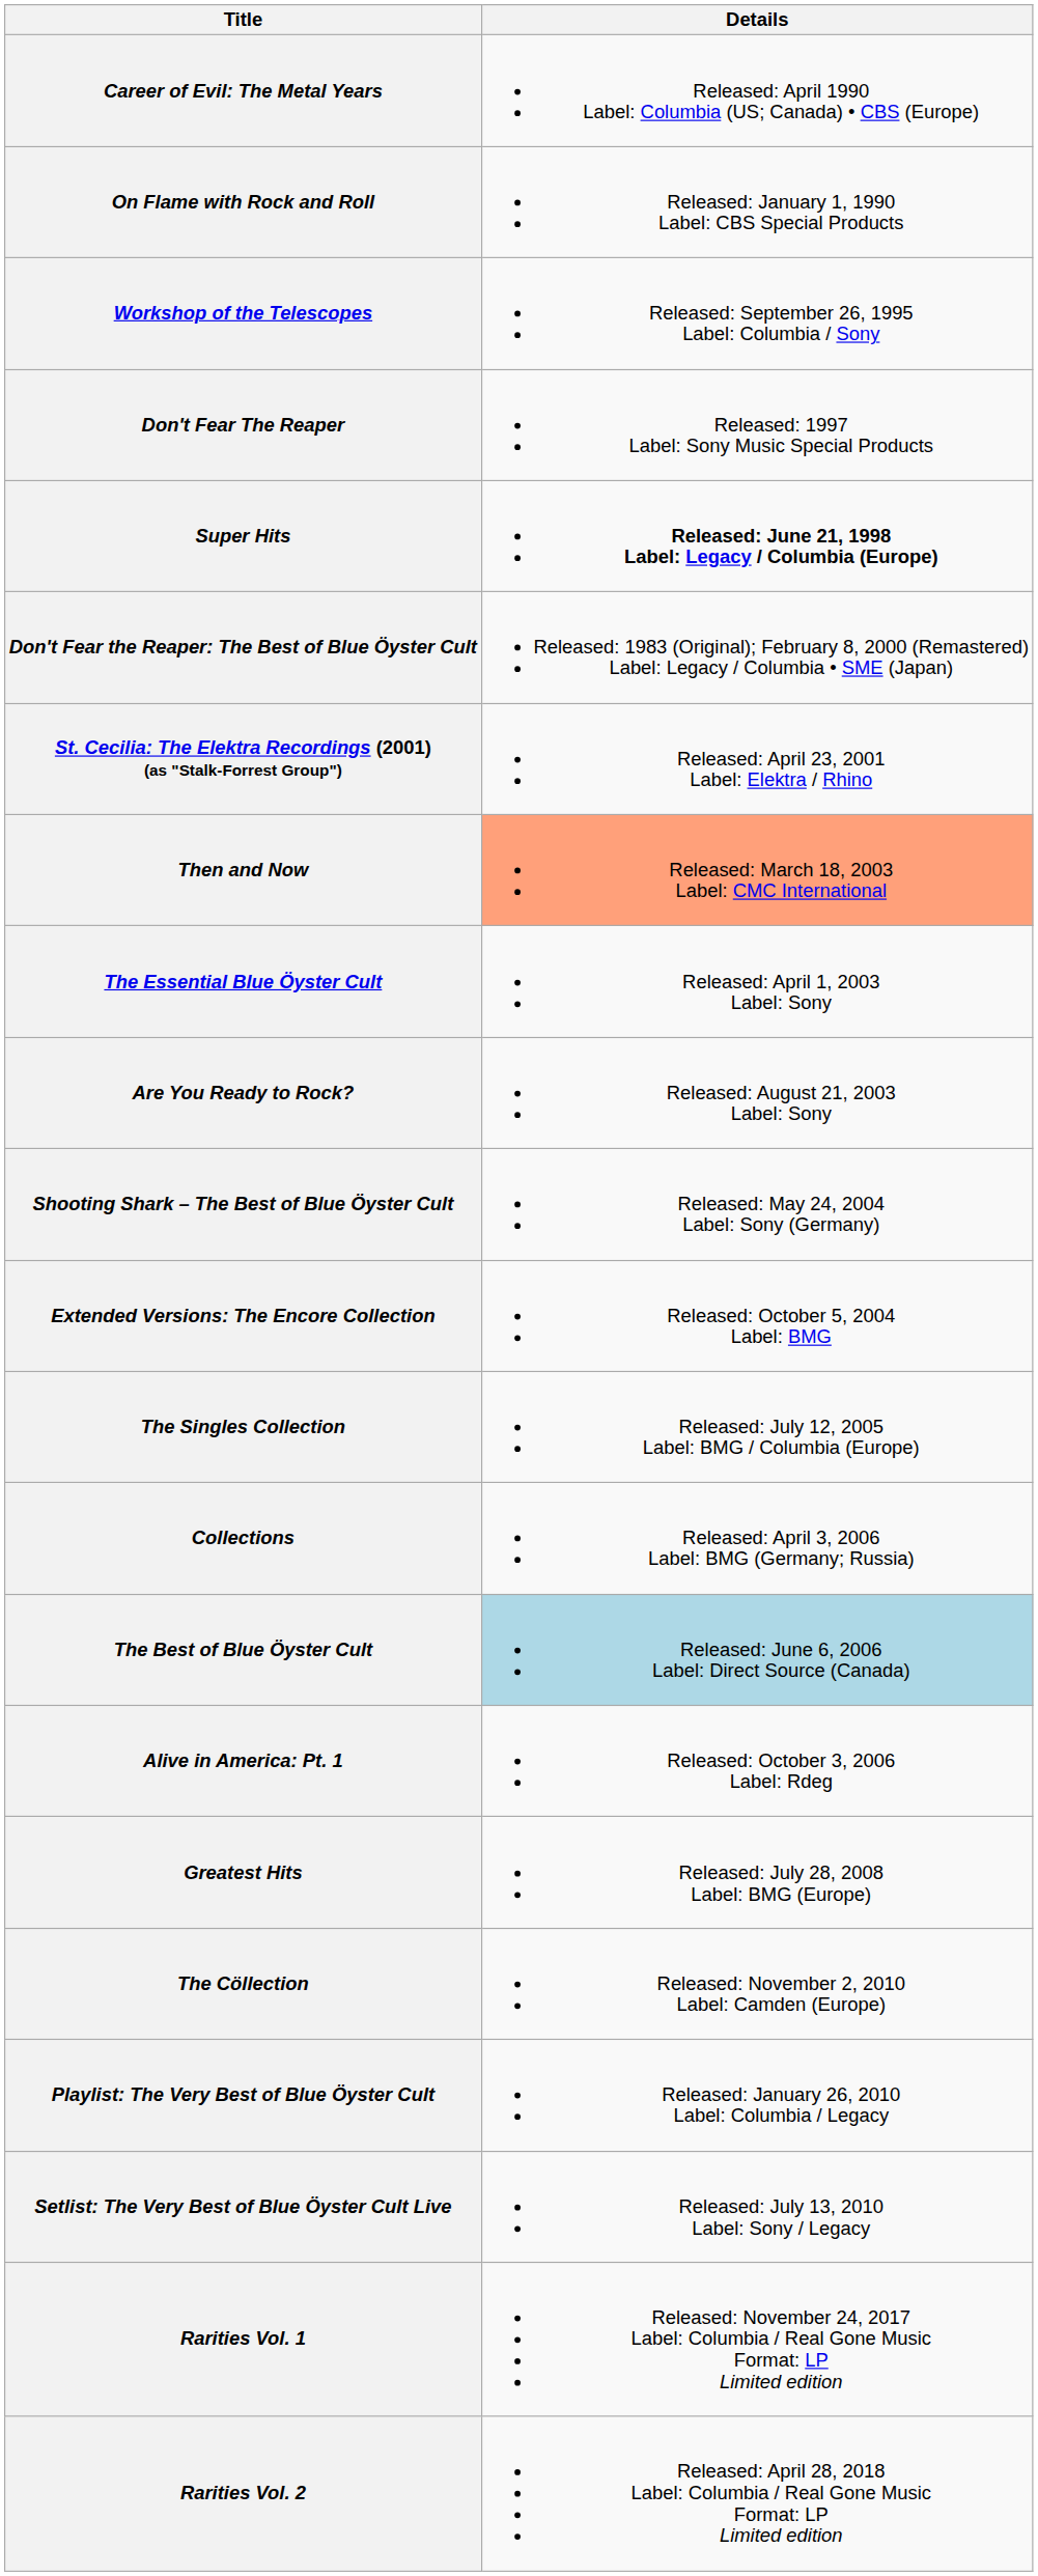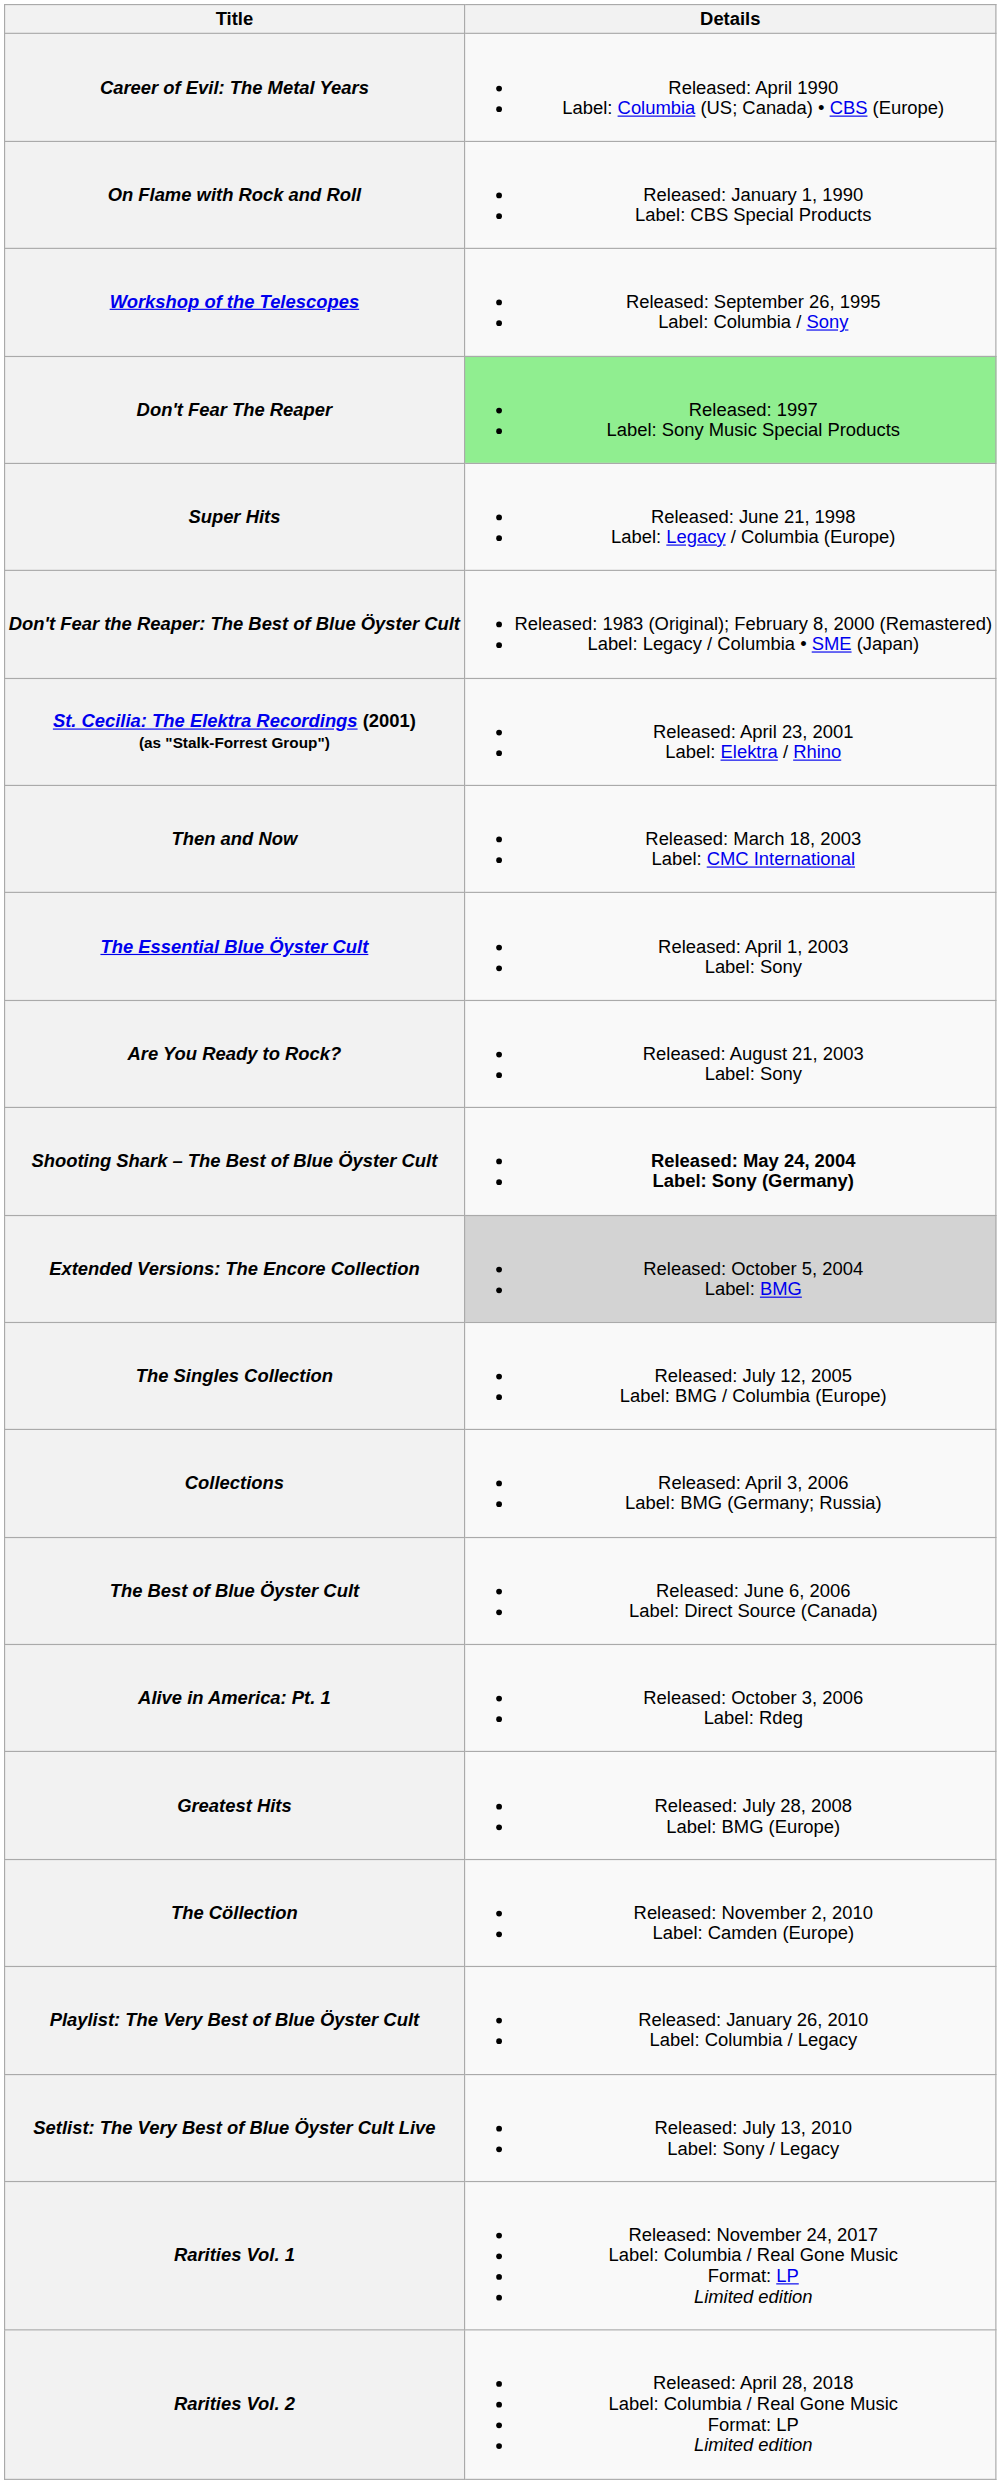 <table class="wikitable plainrowheaders" style="text-align:center;">
 <tr>
 <th scope="col">Title</th>
 <th scope="col">Details</th>
 </tr>
 <tr>
 <th scope="row"><em>Career of Evil: The Metal Years</em></th>
 <td><br><ul><li>Released: April 1990</li><li>Label: <a href='#'>Columbia</a> <span>(US; Canada)</span> • <a href='#'>CBS</a> <span>(Europe)</span></li></ul></td>
 </tr>
 <tr>
 <th scope="row"><em>On Flame with Rock and Roll</em></th>
 <td><br><ul><li>Released: January 1, 1990</li><li>Label: CBS Special Products</li></ul></td>
 </tr>
 <tr>
 <th scope="row"><em><a href='#'>Workshop of the Telescopes</a></em></th>
 <td><br><ul><li>Released: September 26, 1995</li><li>Label: Columbia / <a href='#'>Sony</a></li></ul></td>
 </tr>
 <tr>
 <th scope="row"><em>Don't Fear The Reaper</em></th>
-<td><br><ul><li>Released: 1997</li><li>Label: Sony Music Special Products</li></ul></td>
+<td style="background: lightgreen;"><br><ul><li>Released: 1997</li><li>Label: Sony Music Special Products</li></ul></td>
 </tr>
 <tr>
 <th scope="row"><em>Super Hits</em></th>
-<td><strong><br><ul><li>Released: June 21, 1998</li><li>Label: <a href='#'>Legacy</a> / Columbia <span>(Europe)</span></li></ul></strong></td>
+<td><br><ul><li>Released: June 21, 1998</li><li>Label: <a href='#'>Legacy</a> / Columbia <span>(Europe)</span></li></ul></td>
 </tr>
 <tr>
 <th scope="row"><em>Don't Fear the Reaper: The Best of Blue Öyster Cult</em></th>
 <td><br><ul><li>Released: 1983 (Original); February 8, 2000 (Remastered)</li><li>Label: Legacy / Columbia • <a href='#'>SME</a> <span>(Japan)</span></li></ul></td>
 </tr>
 <tr>
 <th scope="row"><em><a href='#'>St. Cecilia: The Elektra Recordings</a></em> (2001)<br><small> (as "Stalk-Forrest Group")</small></th>
 <td><br><ul><li>Released: April 23, 2001</li><li>Label: <a href='#'>Elektra</a> / <a href='#'>Rhino</a></li></ul></td>
 </tr>
 <tr>
 <th scope="row"><em>Then and Now</em></th>
-<td style="background: lightsalmon;"><br><ul><li>Released: March 18, 2003</li><li>Label: <a href='#'>CMC International</a></li></ul></td>
+<td><br><ul><li>Released: March 18, 2003</li><li>Label: <a href='#'>CMC International</a></li></ul></td>
 </tr>
 <tr>
 <th scope="row"><em><a href='#'>The Essential Blue Öyster Cult</a></em></th>
 <td><br><ul><li>Released: April 1, 2003</li><li>Label: Sony</li></ul></td>
 </tr>
 <tr>
 <th scope="row"><em>Are You Ready to Rock?</em></th>
 <td><br><ul><li>Released: August 21, 2003</li><li>Label: Sony</li></ul></td>
 </tr>
 <tr>
 <th scope="row"><em>Shooting Shark – The Best of Blue Öyster Cult</em></th>
-<td><br><ul><li>Released: May 24, 2004</li><li>Label: Sony <span>(Germany)</span></li></ul></td>
+<td><strong><br><ul><li>Released: May 24, 2004</li><li>Label: Sony <span>(Germany)</span></li></ul></strong></td>
 </tr>
 <tr>
 <th scope="row"><em>Extended Versions: The Encore Collection</em></th>
-<td><br><ul><li>Released: October 5, 2004</li><li>Label: <a href='#'>BMG</a></li></ul></td>
+<td style="background: lightgrey;"><br><ul><li>Released: October 5, 2004</li><li>Label: <a href='#'>BMG</a></li></ul></td>
 </tr>
 <tr>
 <th scope="row"><em>The Singles Collection</em></th>
 <td><br><ul><li>Released: July 12, 2005</li><li>Label: BMG / Columbia <span>(Europe)</span></li></ul></td>
 </tr>
 <tr>
 <th scope="row"><em>Collections</em></th>
 <td><br><ul><li>Released: April 3, 2006</li><li>Label: BMG <span>(Germany; Russia)</span></li></ul></td>
 </tr>
 <tr>
 <th scope="row"><em>The Best of Blue Öyster Cult</em></th>
-<td style="background: lightblue;"><br><ul><li>Released: June 6, 2006</li><li>Label: Direct Source <span>(Canada)</span></li></ul></td>
+<td><br><ul><li>Released: June 6, 2006</li><li>Label: Direct Source <span>(Canada)</span></li></ul></td>
 </tr>
 <tr>
 <th scope="row"><em>Alive in America: Pt. 1</em></th>
 <td><br><ul><li>Released: October 3, 2006</li><li>Label: Rdeg</li></ul></td>
 </tr>
 <tr>
 <th scope="row"><em>Greatest Hits</em></th>
 <td><br><ul><li>Released: July 28, 2008</li><li>Label: BMG <span>(Europe)</span></li></ul></td>
 </tr>
 <tr>
 <th scope="row"><em>The Cöllection</em></th>
 <td><br><ul><li>Released: November 2, 2010</li><li>Label: Camden <span>(Europe)</span></li></ul></td>
 </tr>
 <tr>
 <th scope="row"><em>Playlist: The Very Best of Blue Öyster Cult</em></th>
 <td><br><ul><li>Released: January 26, 2010</li><li>Label: Columbia / Legacy</li></ul></td>
 </tr>
 <tr>
 <th scope="row"><em>Setlist: The Very Best of Blue Öyster Cult Live</em></th>
 <td><br><ul><li>Released: July 13, 2010</li><li>Label: Sony / Legacy</li></ul></td>
 </tr>
 <tr>
 <th scope="row"><em>Rarities Vol. 1</em></th>
 <td><br><ul><li>Released: November 24, 2017</li><li>Label: Columbia / Real Gone Music</li><li>Format: <a href='#'>LP</a></li><li><em>Limited edition</em></li></ul></td>
 </tr>
 <tr>
 <th scope="row"><em>Rarities Vol. 2</em></th>
 <td><br><ul><li>Released: April 28, 2018</li><li>Label: Columbia / Real Gone Music</li><li>Format: LP</li><li><em>Limited edition</em></li></ul></td>
 </tr>
 </table>
